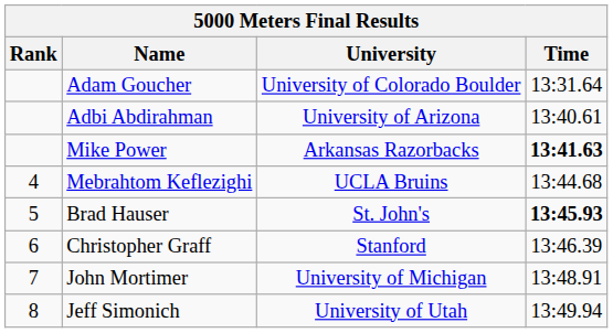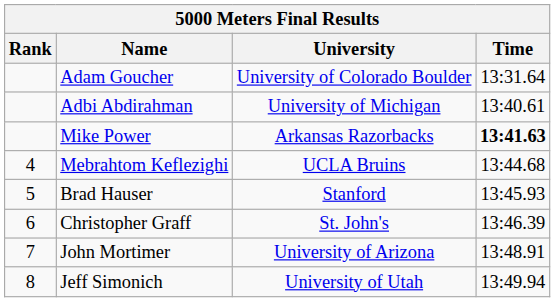 <table class="wikitable sortable" style="text-align:center">
 <tr>
 <th colspan="4">5000 Meters Final Results</th>
 </tr>
 <tr>
 <th>Rank</th>
 <th>Name</th>
 <th>University</th>
 <th>Time</th>
 </tr>
 <tr>
 <td></td>
 <td align=left><a href='#'>Adam Goucher</a></td>
 <td><a href='#'>University of Colorado Boulder</a></td>
 <td>13:31.64</td>
 </tr>
 <tr>
 <td></td>
 <td align=left><a href='#'>Adbi Abdirahman</a></td>
-<td><a href='#'>University of Arizona</a></td>
+<td><a href='#'>University of Michigan</a></td>
 <td>13:40.61</td>
 </tr>
 <tr>
 <td></td>
 <td align=left><a href='#'>Mike Power</a></td>
 <td><a href='#'>Arkansas Razorbacks</a></td>
 <td><strong>13:41.63</strong></td>
 </tr>
 <tr>
 <td>4</td>
 <td align=left><a href='#'>Mebrahtom Keflezighi</a></td>
 <td><a href='#'>UCLA Bruins</a></td>
 <td>13:44.68</td>
 </tr>
 <tr>
 <td>5</td>
 <td align=left>Brad Hauser</td>
-<td><a href='#'>St. John's</a></td>
-<td><strong>13:45.93</strong></td>
+<td><a href='#'>Stanford</a></td>
+<td>13:45.93</td>
 </tr>
 <tr>
 <td>6</td>
 <td align=left>Christopher Graff</td>
-<td><a href='#'>Stanford</a></td>
+<td><a href='#'>St. John's</a></td>
 <td>13:46.39</td>
 </tr>
 <tr>
 <td>7</td>
 <td align=left>John Mortimer</td>
-<td><a href='#'>University of Michigan</a></td>
+<td><a href='#'>University of Arizona</a></td>
 <td>13:48.91</td>
 </tr>
 <tr>
 <td>8</td>
 <td align=left>Jeff Simonich</td>
 <td><a href='#'>University of Utah</a></td>
 <td>13:49.94</td>
 </tr>
 </table>
